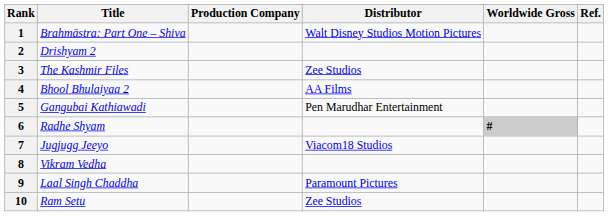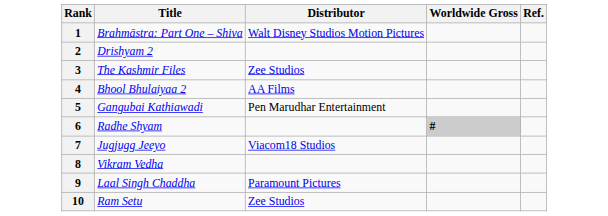 <table class="wikitable sortable" style="margin:auto; margin:auto;">
 <tr>
 <th>Rank</th>
 <th>Title</th>
-<th>Production Company</th>
 <th>Distributor</th>
 <th>Worldwide Gross</th>
 <th>Ref.</th>
 </tr>
 <tr>
 <th style="textalign:center;">1</th>
 <td><em><a href='#'>Brahmāstra: Part One – Shiva</a></em></td>
-<td></td>
 <td><a href='#'>Walt Disney Studios Motion Pictures</a></td>
 <td></td>
 <td></td>
 </tr>
 <tr>
 <th style="text-align:center;">2</th>
 <td><em><a href='#'>Drishyam 2</a></em></td>
 <td></td>
 <td></td>
 <td></td>
-<td></td>
 </tr>
 <tr>
 <th style="text-align:center;">3</th>
 <td><em><a href='#'>The Kashmir Files</a></em></td>
-<td></td>
 <td><a href='#'>Zee Studios</a></td>
 <td></td>
 <td></td>
 </tr>
 <tr>
 <th style="text-align:center;">4</th>
 <td><em><a href='#'>Bhool Bhulaiyaa 2</a></em></td>
-<td></td>
 <td><a href='#'>AA Films</a></td>
 <td></td>
 <td></td>
 </tr>
 <tr>
 <th style="text-align:center;">5</th>
 <td><em><a href='#'>Gangubai Kathiawadi</a></em></td>
-<td></td>
 <td>Pen Marudhar Entertainment</td>
 <td></td>
 <td></td>
 </tr>
 <tr>
 <th style="text-align:center;">6</th>
 <td><em><a href='#'>Radhe Shyam</a></em></td>
 <td></td>
-<td></td>
 <td style="background:#ccc;"><strong>#</strong></td>
 <td></td>
 </tr>
 <tr>
 <th style="text-align:center nu">7</th>
 <td><em><a href='#'>Jugjugg Jeeyo</a></em></td>
-<td></td>
 <td><a href='#'>Viacom18 Studios</a></td>
 <td></td>
 <td></td>
 </tr>
 <tr>
 <th style="text-align:center;">8</th>
 <td><em><a href='#'>Vikram Vedha</a></em></td>
 <td></td>
 <td></td>
 <td></td>
-<td></td>
 </tr>
 <tr>
 <th ! style="text-align:center;">9</th>
 <td><em><a href='#'>Laal Singh Chaddha</a></em></td>
-<td></td>
 <td><a href='#'>Paramount Pictures</a></td>
 <td></td>
 <td></td>
 </tr>
 <tr>
 <th style="text-align:center;">10</th>
 <td><em><a href='#'>Ram Setu</a></em></td>
-<td></td>
 <td><a href='#'>Zee Studios</a></td>
 <td></td>
 <td></td>
 </tr>
 </table>
